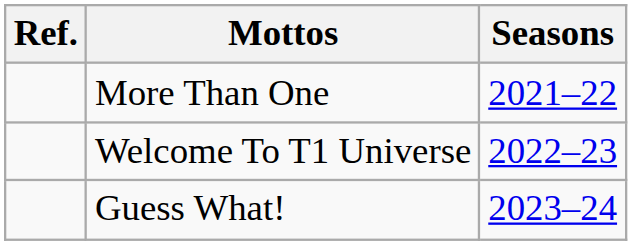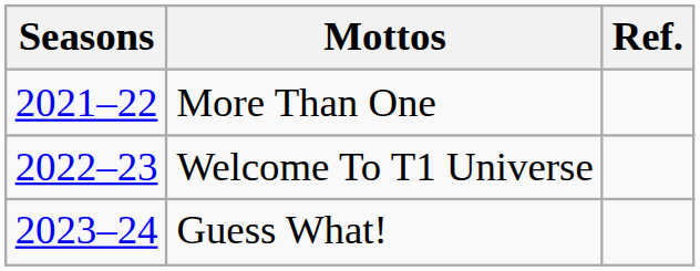 <table class="wikitable" style="text-align:left">
 <tr>
+<th>Seasons</th>
+<th>Mottos</th>
 <th>Ref.</th>
-<th>Mottos</th>
-<th>Seasons</th>
 </tr>
 <tr>
+<td><a href='#'>2021–22</a></td>
+<td>More Than One</td>
 <td></td>
-<td>More Than One</td>
-<td><a href='#'>2021–22</a></td>
 </tr>
 <tr>
+<td><a href='#'>2022–23</a></td>
+<td>Welcome To T1 Universe</td>
 <td></td>
-<td>Welcome To T1 Universe</td>
-<td><a href='#'>2022–23</a></td>
 </tr>
 <tr>
+<td><a href='#'>2023–24</a></td>
+<td>Guess What!</td>
 <td></td>
-<td>Guess What!</td>
-<td><a href='#'>2023–24</a></td>
 </tr>
 </table>
